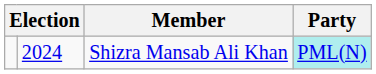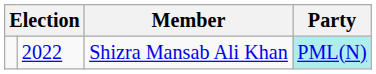 <table class="wikitable">
 <tr>
 <th colspan="2">Election</th>
 <th>Member</th>
 <th>Party</th>
 </tr>
 <tr>
 <td style="background-color: "></td>
-<td><a href='#'>2024</a></td>
+<td><a href='#'>2022</a></td>
 <td><a href='#'>Shizra Mansab Ali Khan</a></td>
 <td style="background: paleturquoise;"><a href='#'>PML(N)</a></td>
 </tr>
 </table>
